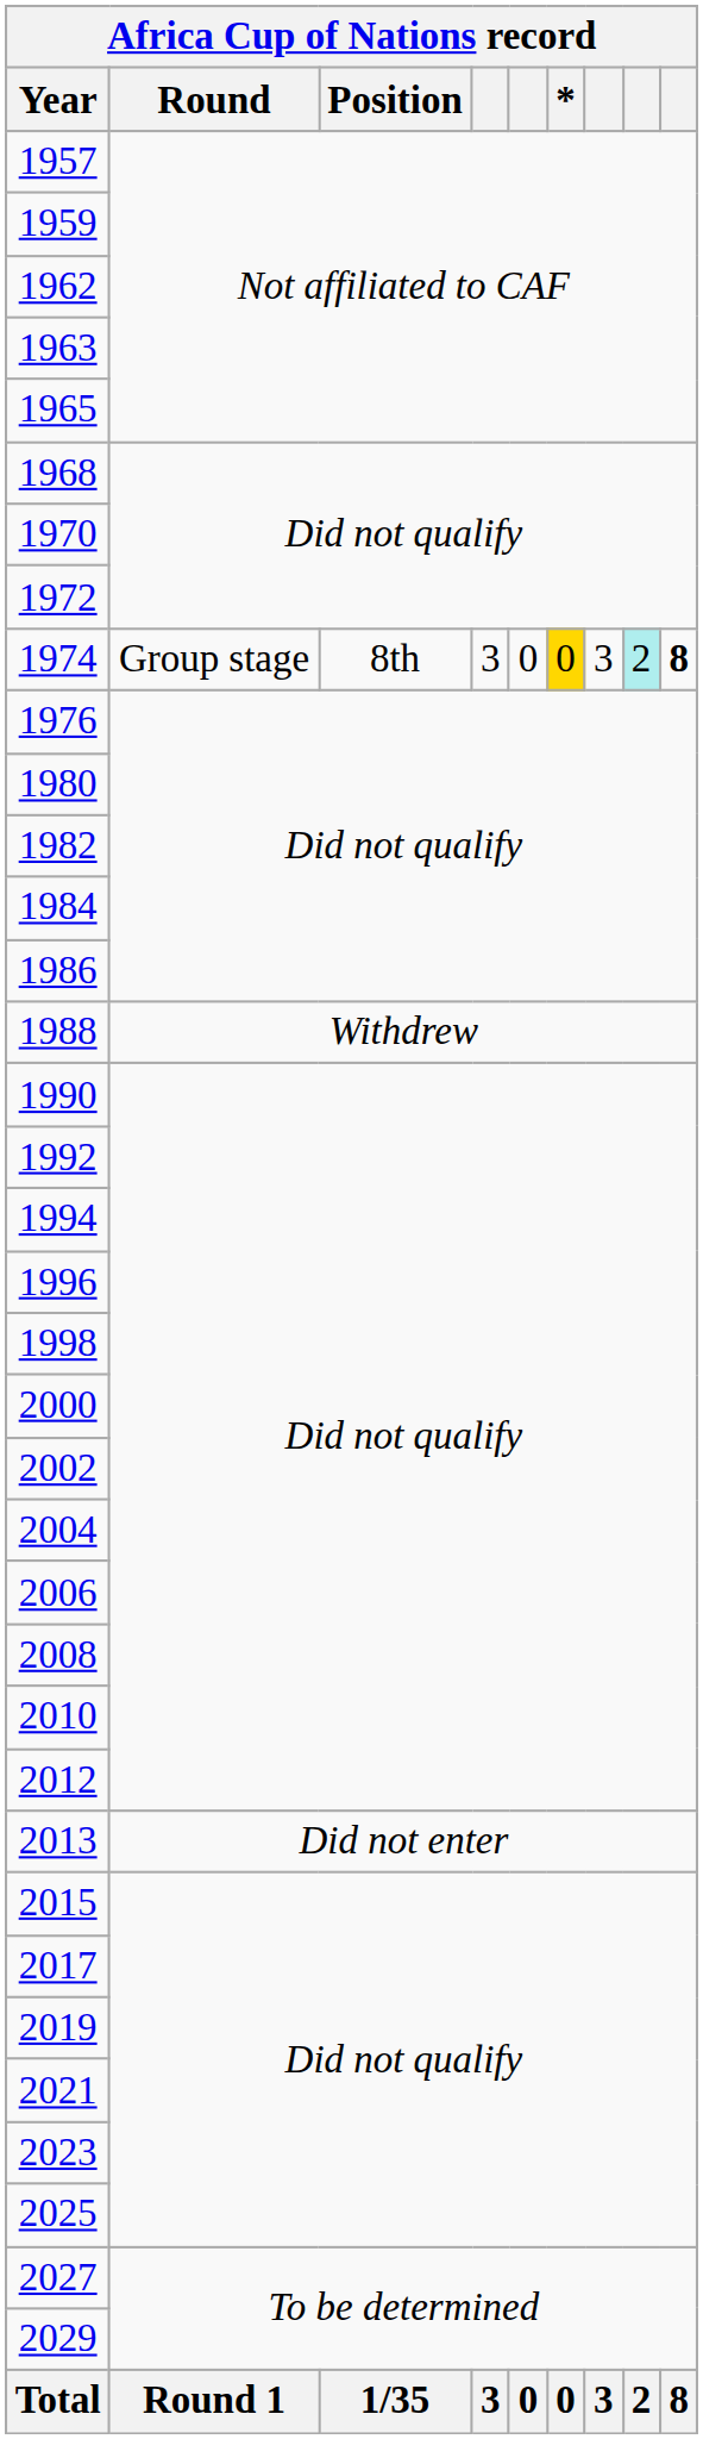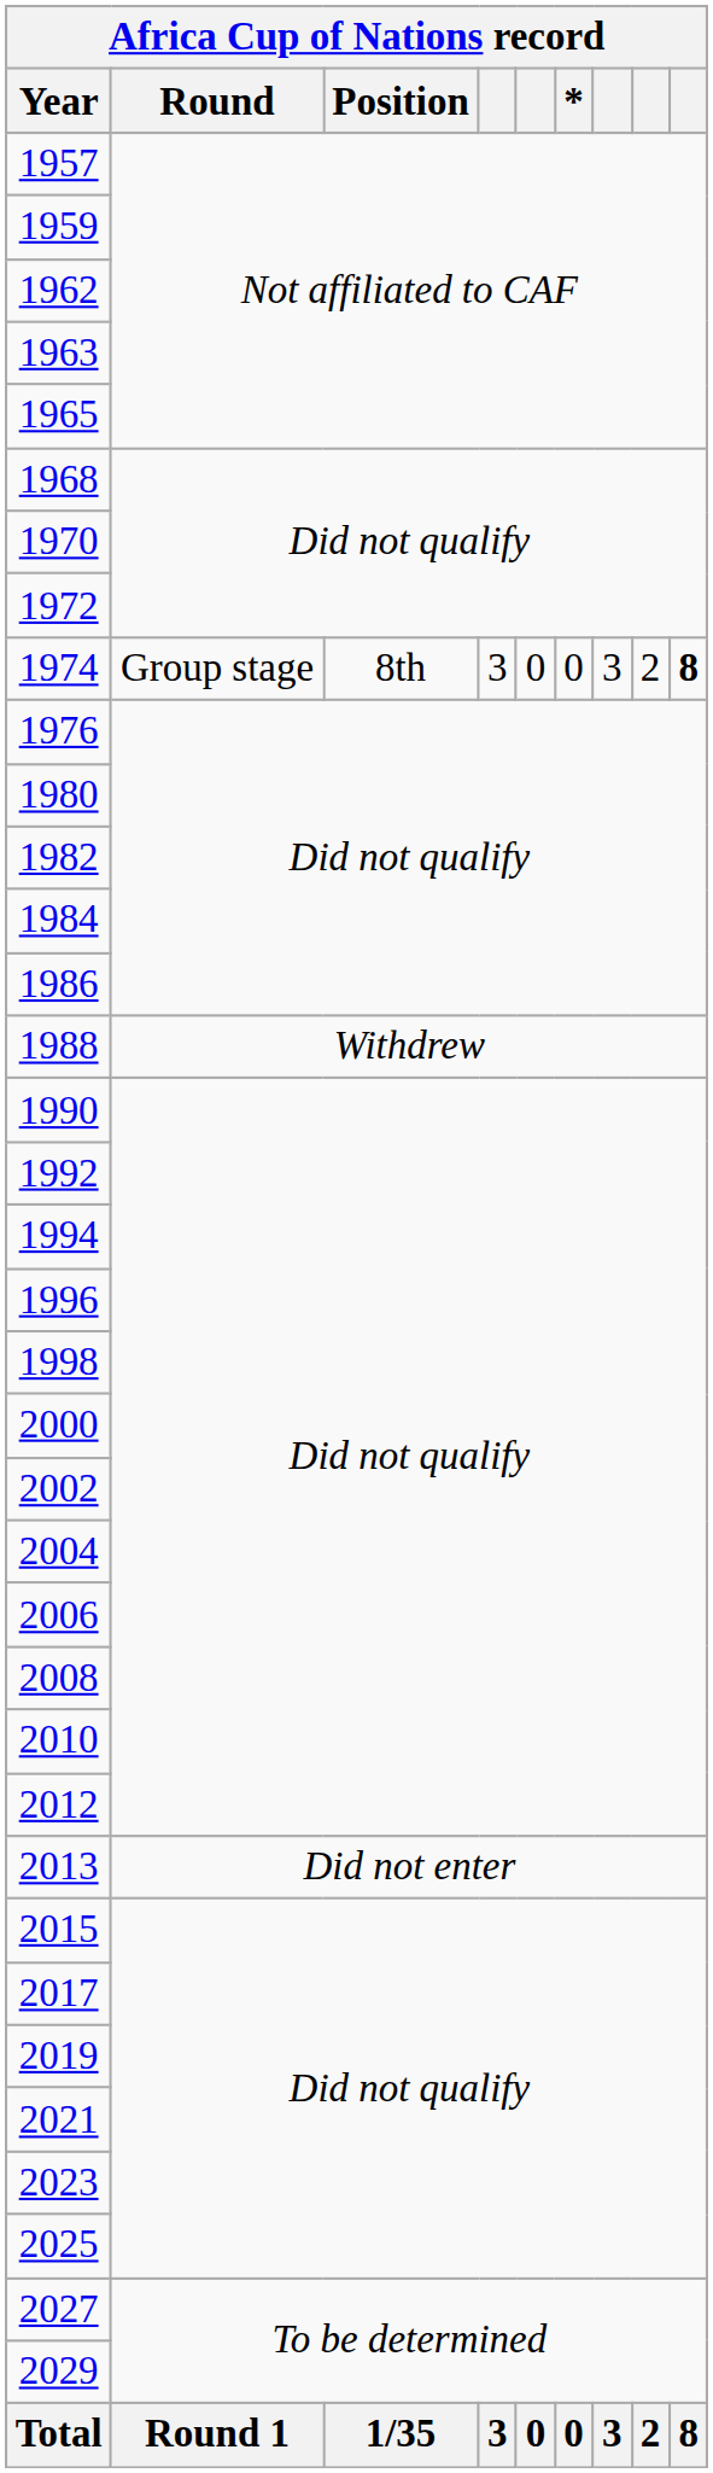 <table class="wikitable" style="text-align: center;">
 <tr>
 <th colspan=9><a href='#'>Africa Cup of Nations</a> record</th>
 </tr>
 <tr>
 <th>Year</th>
 <th>Round</th>
 <th>Position</th>
 <th></th>
 <th></th>
 <th>*</th>
 <th></th>
 <th></th>
 <th></th>
 </tr>
 <tr>
 <td> <a href='#'>1957</a></td>
 <td colspan=8 rowspan=5><em>Not affiliated to CAF</em></td>
 </tr>
 <tr>
 <td> <a href='#'>1959</a></td>
 </tr>
 <tr>
 <td> <a href='#'>1962</a></td>
 </tr>
 <tr>
 <td> <a href='#'>1963</a></td>
 </tr>
 <tr>
 <td> <a href='#'>1965</a></td>
 </tr>
 <tr>
 <td> <a href='#'>1968</a></td>
 <td colspan=8 rowspan=3><em>Did not qualify</em></td>
 </tr>
 <tr>
 <td> <a href='#'>1970</a></td>
 </tr>
 <tr>
 <td> <a href='#'>1972</a></td>
 </tr>
 <tr>
 <td> <a href='#'>1974</a></td>
 <td>Group stage</td>
 <td>8th</td>
 <td>3</td>
 <td>0</td>
-<td style="background: gold;">0</td>
+<td>0</td>
 <td>3</td>
-<td style="background: paleturquoise;">2</td>
+<td>2</td>
 <td><strong>8</strong></td>
 </tr>
 <tr>
 <td> <a href='#'>1976</a></td>
 <td colspan=8 rowspan=5><em>Did not qualify</em></td>
 </tr>
 <tr>
 <td> <a href='#'>1980</a></td>
 </tr>
 <tr>
 <td> <a href='#'>1982</a></td>
 </tr>
 <tr>
 <td> <a href='#'>1984</a></td>
 </tr>
 <tr>
 <td> <a href='#'>1986</a></td>
 </tr>
 <tr>
 <td> <a href='#'>1988</a></td>
 <td colspan=8><em>Withdrew</em></td>
 </tr>
 <tr>
 <td> <a href='#'>1990</a></td>
 <td colspan=8 rowspan=12><em>Did not qualify</em></td>
 </tr>
 <tr>
 <td> <a href='#'>1992</a></td>
 </tr>
 <tr>
 <td> <a href='#'>1994</a></td>
 </tr>
 <tr>
 <td> <a href='#'>1996</a></td>
 </tr>
 <tr>
 <td> <a href='#'>1998</a></td>
 </tr>
 <tr>
 <td>  <a href='#'>2000</a></td>
 </tr>
 <tr>
 <td> <a href='#'>2002</a></td>
 </tr>
 <tr>
 <td> <a href='#'>2004</a></td>
 </tr>
 <tr>
 <td> <a href='#'>2006</a></td>
 </tr>
 <tr>
 <td> <a href='#'>2008</a></td>
 </tr>
 <tr>
 <td> <a href='#'>2010</a></td>
 </tr>
 <tr>
 <td>  <a href='#'>2012</a></td>
 </tr>
 <tr>
 <td> <a href='#'>2013</a></td>
 <td colspan=8><em>Did not enter</em></td>
 </tr>
 <tr>
 <td> <a href='#'>2015</a></td>
 <td colspan="8" rowspan="6"><em>Did not qualify</em></td>
 </tr>
 <tr>
 <td> <a href='#'>2017</a></td>
 </tr>
 <tr>
 <td> <a href='#'>2019</a></td>
 </tr>
 <tr>
 <td> <a href='#'>2021</a></td>
 </tr>
 <tr>
 <td> <a href='#'>2023</a></td>
 </tr>
 <tr>
 <td> <a href='#'>2025</a></td>
 </tr>
 <tr>
 <td>   <a href='#'>2027</a></td>
 <td colspan="8" rowspan="2"><em>To be determined</em></td>
 </tr>
 <tr>
 <td> <a href='#'>2029</a></td>
 </tr>
 <tr>
 <th>Total</th>
 <th>Round 1</th>
 <th>1/35</th>
 <th>3</th>
 <th>0</th>
 <th>0</th>
 <th>3</th>
 <th>2</th>
 <th>8</th>
 </tr>
 </table>
